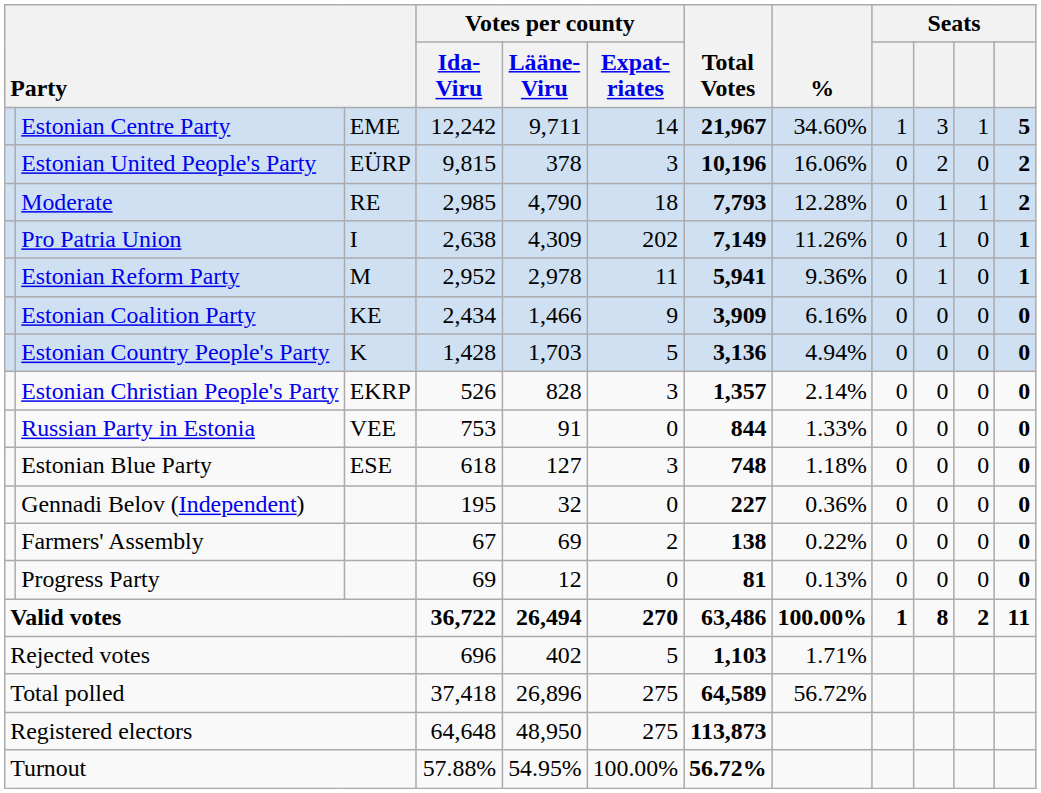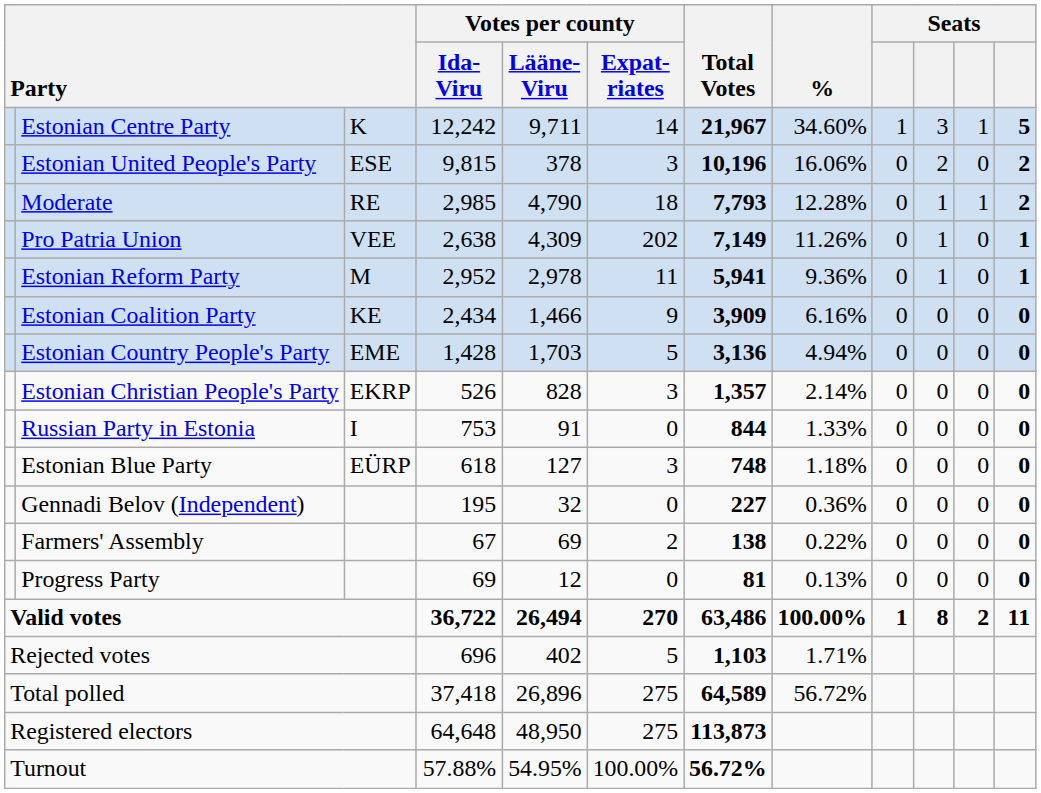 <table class="wikitable" border="1" style="text-align:right;">
 <tr>
 <th style="text-align:left;" valign=bottom rowspan=2 colspan=3>Party</th>
 <th colspan=3>Votes per county</th>
 <th align=center valign=bottom rowspan=2 width="50">Total Votes</th>
 <th align=center valign=bottom rowspan=2 width="50">%</th>
 <th colspan=4>Seats</th>
 </tr>
 <tr>
 <th align=center valign=bottom width="50"><a href='#'>Ida- Viru</a></th>
 <th align=center valign=bottom width="50"><a href='#'>Lääne- Viru</a></th>
 <th align=center valign=bottom width="50"><a href='#'>Expat- riates</a></th>
 <th align=center valign=bottom width="20"><small></small></th>
 <th align=center valign=bottom width="20"><small></small></th>
 <th align=center valign=bottom width="20"><small></small></th>
 <th align=center valign=bottom width="20"><small></small></th>
 </tr>
 <tr style="background:#CEE0F2;">
 <td style="background:"></td>
 <td align=left><a href='#'>Estonian Centre Party</a></td>
-<td align=left>EME</td>
+<td align=left>K</td>
 <td>12,242</td>
 <td>9,711</td>
 <td>14</td>
 <td><strong>21,967</strong></td>
 <td>34.60%</td>
 <td>1</td>
 <td>3</td>
 <td>1</td>
 <td><strong>5</strong></td>
 </tr>
 <tr style="background:#CEE0F2;">
 <td style="background:"></td>
 <td align=left><a href='#'>Estonian United People's Party</a></td>
-<td align=left>EÜRP</td>
+<td align=left>ESE</td>
 <td>9,815</td>
 <td>378</td>
 <td>3</td>
 <td><strong>10,196</strong></td>
 <td>16.06%</td>
 <td>0</td>
 <td>2</td>
 <td>0</td>
 <td><strong>2</strong></td>
 </tr>
 <tr style="background:#CEE0F2;">
 <td style="background:"></td>
 <td align=left><a href='#'>Moderate</a></td>
 <td align=left>RE</td>
 <td>2,985</td>
 <td>4,790</td>
 <td>18</td>
 <td><strong>7,793</strong></td>
 <td>12.28%</td>
 <td>0</td>
 <td>1</td>
 <td>1</td>
 <td><strong>2</strong></td>
 </tr>
 <tr style="background:#CEE0F2;">
 <td style="background:"></td>
 <td align=left><a href='#'>Pro Patria Union</a></td>
-<td align=left>I</td>
+<td align=left>VEE</td>
 <td>2,638</td>
 <td>4,309</td>
 <td>202</td>
 <td><strong>7,149</strong></td>
 <td>11.26%</td>
 <td>0</td>
 <td>1</td>
 <td>0</td>
 <td><strong>1</strong></td>
 </tr>
 <tr style="background:#CEE0F2;">
 <td style="background:"></td>
 <td align=left><a href='#'>Estonian Reform Party</a></td>
 <td align=left>M</td>
 <td>2,952</td>
 <td>2,978</td>
 <td>11</td>
 <td><strong>5,941</strong></td>
 <td>9.36%</td>
 <td>0</td>
 <td>1</td>
 <td>0</td>
 <td><strong>1</strong></td>
 </tr>
 <tr style="background:#CEE0F2;">
 <td style="background:"></td>
 <td align=left><a href='#'>Estonian Coalition Party</a></td>
 <td align=left>KE</td>
 <td>2,434</td>
 <td>1,466</td>
 <td>9</td>
 <td><strong>3,909</strong></td>
 <td>6.16%</td>
 <td>0</td>
 <td>0</td>
 <td>0</td>
 <td><strong>0</strong></td>
 </tr>
 <tr style="background:#CEE0F2;">
 <td style="background:"></td>
 <td align=left><a href='#'>Estonian Country People's Party</a></td>
-<td align=left>K</td>
+<td align=left>EME</td>
 <td>1,428</td>
 <td>1,703</td>
 <td>5</td>
 <td><strong>3,136</strong></td>
 <td>4.94%</td>
 <td>0</td>
 <td>0</td>
 <td>0</td>
 <td><strong>0</strong></td>
 </tr>
 <tr>
 <td style="background:"></td>
 <td align=left><a href='#'>Estonian Christian People's Party</a></td>
 <td align=left>EKRP</td>
 <td>526</td>
 <td>828</td>
 <td>3</td>
 <td><strong>1,357</strong></td>
 <td>2.14%</td>
 <td>0</td>
 <td>0</td>
 <td>0</td>
 <td><strong>0</strong></td>
 </tr>
 <tr>
 <td></td>
 <td align=left><a href='#'>Russian Party in Estonia</a></td>
-<td align=left>VEE</td>
+<td align=left>I</td>
 <td>753</td>
 <td>91</td>
 <td>0</td>
 <td><strong>844</strong></td>
 <td>1.33%</td>
 <td>0</td>
 <td>0</td>
 <td>0</td>
 <td><strong>0</strong></td>
 </tr>
 <tr>
 <td></td>
 <td align=left>Estonian Blue Party</td>
-<td align=left>ESE</td>
+<td align=left>EÜRP</td>
 <td>618</td>
 <td>127</td>
 <td>3</td>
 <td><strong>748</strong></td>
 <td>1.18%</td>
 <td>0</td>
 <td>0</td>
 <td>0</td>
 <td><strong>0</strong></td>
 </tr>
 <tr>
 <td style="background:"></td>
 <td align=left>Gennadi Belov (<a href='#'>Independent</a>)</td>
 <td></td>
 <td>195</td>
 <td>32</td>
 <td>0</td>
 <td><strong>227</strong></td>
 <td>0.36%</td>
 <td>0</td>
 <td>0</td>
 <td>0</td>
 <td><strong>0</strong></td>
 </tr>
 <tr>
 <td></td>
 <td align=left>Farmers' Assembly</td>
 <td></td>
 <td>67</td>
 <td>69</td>
 <td>2</td>
 <td><strong>138</strong></td>
 <td>0.22%</td>
 <td>0</td>
 <td>0</td>
 <td>0</td>
 <td><strong>0</strong></td>
 </tr>
 <tr>
 <td></td>
 <td align=left>Progress Party</td>
 <td></td>
 <td>69</td>
 <td>12</td>
 <td>0</td>
 <td><strong>81</strong></td>
 <td>0.13%</td>
 <td>0</td>
 <td>0</td>
 <td>0</td>
 <td><strong>0</strong></td>
 </tr>
 <tr style="font-weight:bold">
 <td align=left colspan=3>Valid votes</td>
 <td>36,722</td>
 <td>26,494</td>
 <td>270</td>
 <td>63,486</td>
 <td>100.00%</td>
 <td>1</td>
 <td>8</td>
 <td>2</td>
 <td>11</td>
 </tr>
 <tr>
 <td align=left colspan=3>Rejected votes</td>
 <td>696</td>
 <td>402</td>
 <td>5</td>
 <td><strong>1,103</strong></td>
 <td>1.71%</td>
 <td></td>
 <td></td>
 <td></td>
 <td></td>
 </tr>
 <tr>
 <td align=left colspan=3>Total polled</td>
 <td>37,418</td>
 <td>26,896</td>
 <td>275</td>
 <td><strong>64,589</strong></td>
 <td>56.72%</td>
 <td></td>
 <td></td>
 <td></td>
 <td></td>
 </tr>
 <tr>
 <td align=left colspan=3>Registered electors</td>
 <td>64,648</td>
 <td>48,950</td>
 <td>275</td>
 <td><strong>113,873</strong></td>
 <td></td>
 <td></td>
 <td></td>
 <td></td>
 <td></td>
 </tr>
 <tr>
 <td align=left colspan=3>Turnout</td>
 <td>57.88%</td>
 <td>54.95%</td>
 <td>100.00%</td>
 <td><strong>56.72%</strong></td>
 <td></td>
 <td></td>
 <td></td>
 <td></td>
 <td></td>
 </tr>
 </table>
